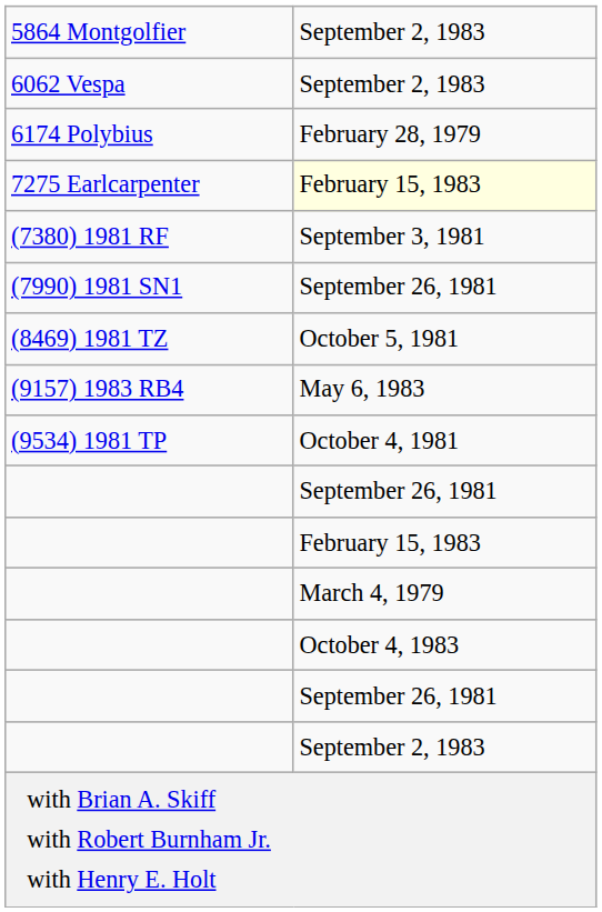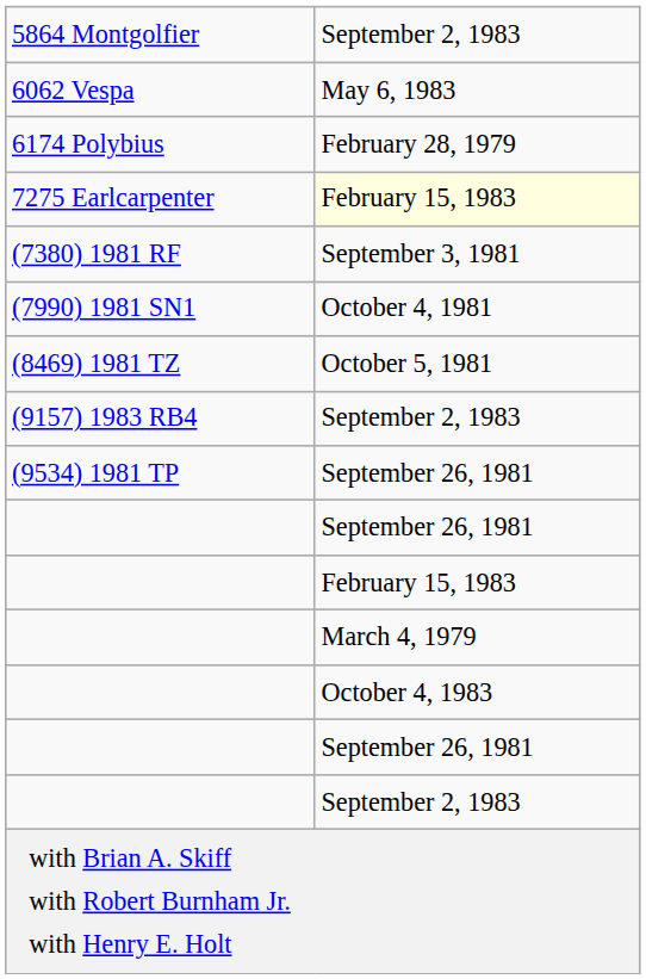 <table class="wikitable" style="font-size: 89%; float: left; width: 24em; margin-right: 1em; line-height: 1.6em !important;">
 <tr>
 <td><a href='#'>5864 Montgolfier</a></td>
 <td>September 2, 1983</td>
 </tr>
 <tr>
 <td><a href='#'>6062 Vespa</a></td>
-<td>September 2, 1983</td>
+<td>May 6, 1983</td>
 </tr>
 <tr>
 <td><a href='#'>6174 Polybius</a></td>
 <td>February 28, 1979</td>
 </tr>
 <tr>
 <td><a href='#'>7275 Earlcarpenter</a></td>
 <td style="background: lightyellow;">February 15, 1983</td>
 </tr>
 <tr>
 <td><a href='#'>(7380) 1981 RF</a></td>
 <td>September 3, 1981</td>
 </tr>
 <tr>
 <td><a href='#'>(7990) 1981 SN1</a></td>
-<td>September 26, 1981</td>
+<td>October 4, 1981</td>
 </tr>
 <tr>
 <td><a href='#'>(8469) 1981 TZ</a></td>
 <td>October 5, 1981</td>
 </tr>
 <tr>
 <td><a href='#'>(9157) 1983 RB4</a></td>
-<td>May 6, 1983</td>
+<td>September 2, 1983</td>
 </tr>
 <tr>
 <td><a href='#'>(9534) 1981 TP</a></td>
-<td>October 4, 1981</td>
+<td>September 26, 1981</td>
 </tr>
 <tr>
 <td></td>
 <td>September 26, 1981</td>
 </tr>
 <tr>
 <td></td>
 <td>February 15, 1983</td>
 </tr>
 <tr>
 <td></td>
 <td>March 4, 1979</td>
 </tr>
 <tr>
 <td></td>
 <td>October 4, 1983</td>
 </tr>
 <tr>
 <td></td>
 <td>September 26, 1981</td>
 </tr>
 <tr>
 <td></td>
 <td>September 2, 1983</td>
 </tr>
 <tr>
 <th colspan=2 style="font-weight: normal; text-align: left; padding: 4px 12px;"> with <a href='#'>Brian A. Skiff</a><br> with <a href='#'>Robert Burnham Jr.</a><br> with <a href='#'>Henry E. Holt</a></th>
 </tr>
 </table>
